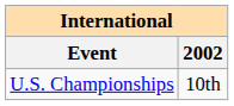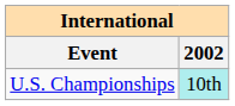 <table class="wikitable" style="text-align:center">
 <tr>
 <th style="background-color: #ffdead; " colspan=2 align=center>International</th>
 </tr>
 <tr>
 <th>Event</th>
 <th>2002</th>
 </tr>
 <tr>
 <td align=left><a href='#'>U.S. Championships</a></td>
-<td>10th</td>
+<td style="background: paleturquoise;">10th</td>
 </tr>
 </table>
